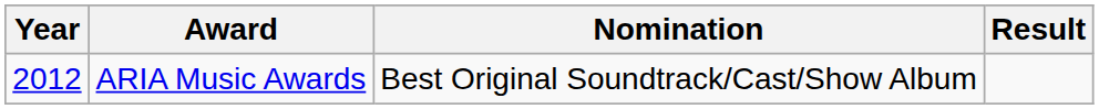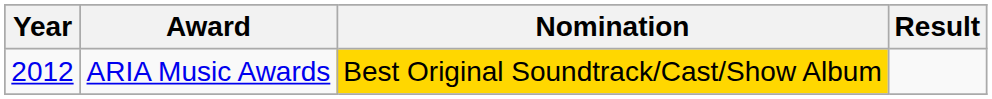 <table class="wikitable">
 <tr>
 <th>Year</th>
 <th>Award</th>
 <th>Nomination</th>
 <th>Result</th>
 </tr>
 <tr>
 <td rowspan="4"><a href='#'>2012</a></td>
 <td rowspan="1"><a href='#'>ARIA Music Awards</a></td>
-<td>Best Original Soundtrack/Cast/Show Album</td>
+<td style="background: gold;">Best Original Soundtrack/Cast/Show Album</td>
 <td></td>
 </tr>
 </table>
